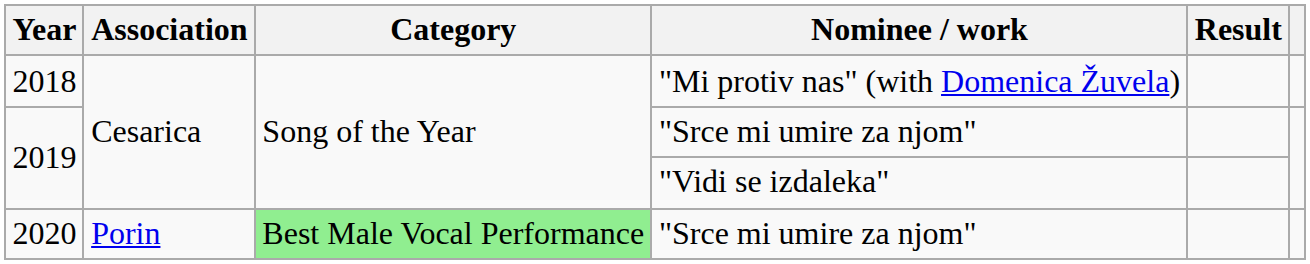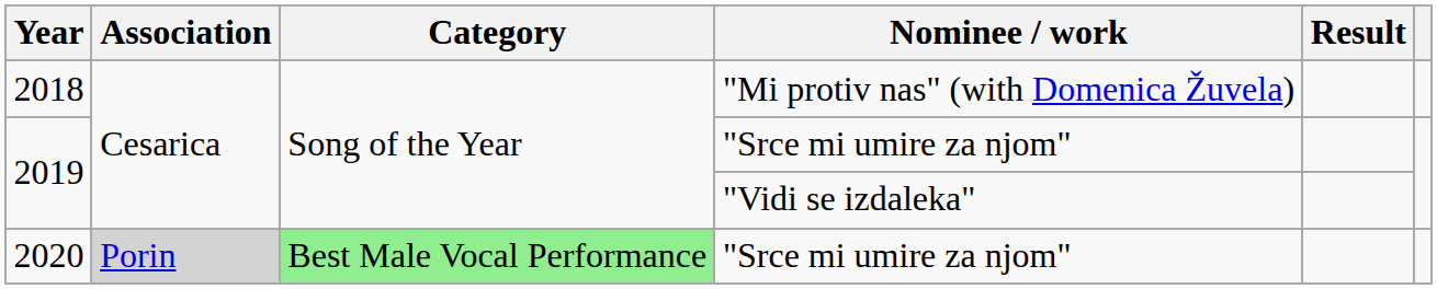 <table class="wikitable sortable">
 <tr>
 <th>Year</th>
 <th>Association</th>
 <th>Category</th>
 <th>Nominee / work</th>
 <th>Result</th>
 <th class="unsortable"></th>
 </tr>
 <tr>
 <td rowspan="1">2018</td>
 <td rowspan="3">Cesarica</td>
 <td rowspan="3">Song of the Year</td>
 <td>"Mi protiv nas" <span>(with <a href='#'>Domenica Žuvela</a>)</span></td>
 <td></td>
 <td rowspan="1"></td>
 </tr>
 <tr>
 <td rowspan="2">2019</td>
 <td>"Srce mi umire za njom"</td>
 <td></td>
 <td rowspan="2"></td>
 </tr>
 <tr>
 <td>"Vidi se izdaleka"</td>
 <td></td>
 </tr>
 <tr>
 <td rowspan="1">2020</td>
-<td rowspan="1"><a href='#'>Porin</a></td>
+<td rowspan="1" style="background: lightgrey;"><a href='#'>Porin</a></td>
 <td style="background: lightgreen;">Best Male Vocal Performance</td>
 <td>"Srce mi umire za njom"</td>
 <td></td>
 <td rowspan="1"></td>
 </tr>
 <tr>
 </tr>
 </table>
